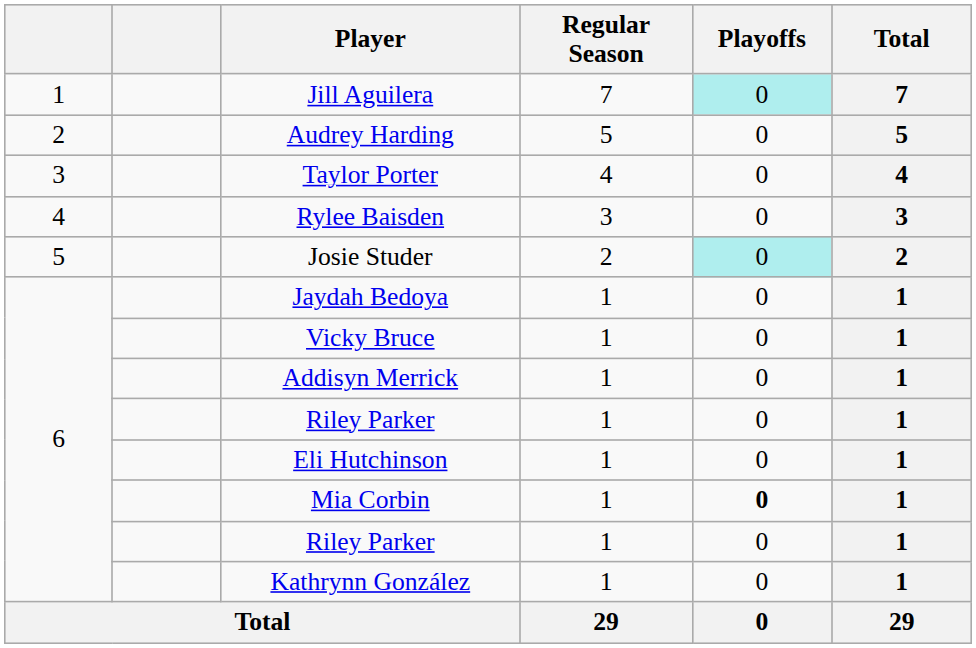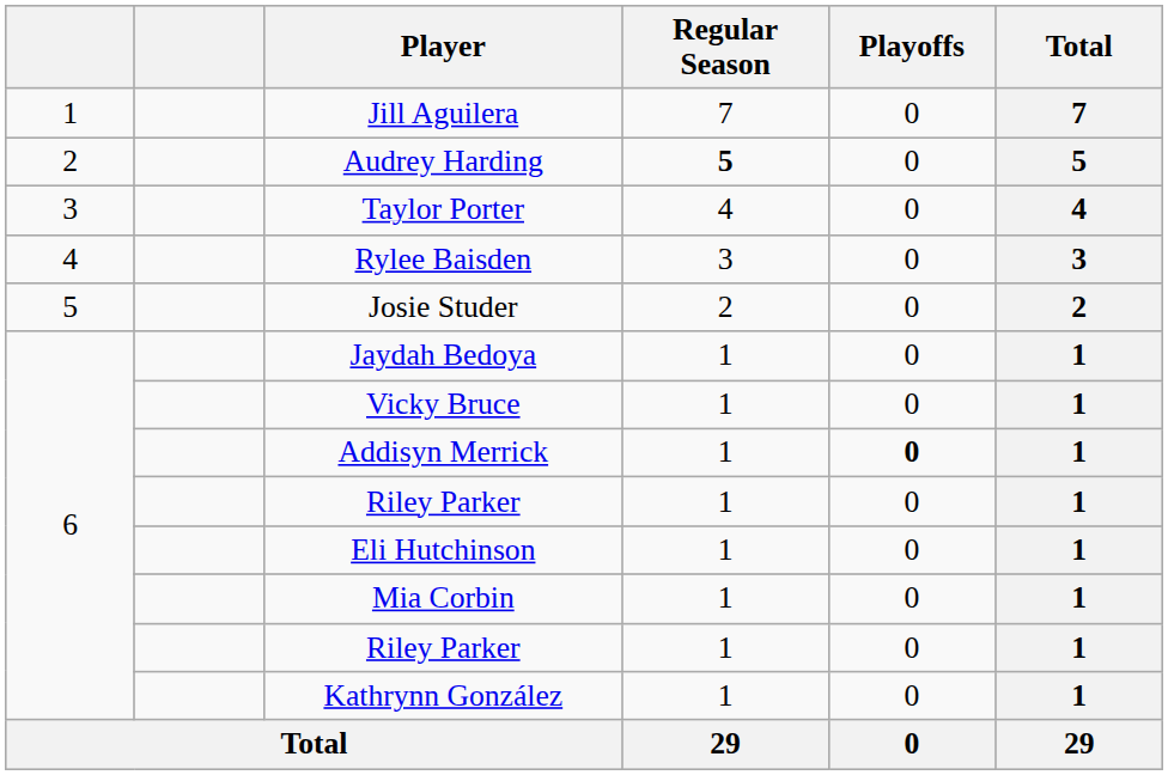 <table class="wikitable sortable" style="text-align:center;">
 <tr>
 <th width="60"></th>
 <th width="60"></th>
 <th width="180">Player</th>
 <th width="100">Regular Season</th>
 <th width="80">Playoffs</th>
 <th width="80">Total</th>
 </tr>
 <tr>
 <td>1</td>
 <td></td>
 <td><a href='#'>Jill Aguilera</a></td>
 <td>7</td>
-<td style="background: paleturquoise;">0</td>
+<td>0</td>
 <th>7</th>
 </tr>
 <tr>
 <td>2</td>
 <td></td>
 <td><a href='#'>Audrey Harding</a></td>
-<td>5</td>
+<td><strong>5</strong></td>
 <td>0</td>
 <th>5</th>
 </tr>
 <tr>
 <td>3</td>
 <td></td>
 <td><a href='#'>Taylor Porter</a></td>
 <td>4</td>
 <td>0</td>
 <th>4</th>
 </tr>
 <tr>
 <td>4</td>
 <td></td>
 <td><a href='#'>Rylee Baisden</a></td>
 <td>3</td>
 <td>0</td>
 <th>3</th>
 </tr>
 <tr>
 <td>5</td>
 <td></td>
 <td>Josie Studer</td>
 <td>2</td>
-<td style="background: paleturquoise;">0</td>
+<td>0</td>
 <th>2</th>
 </tr>
 <tr>
 <td rowspan="8">6</td>
 <td></td>
 <td><a href='#'>Jaydah Bedoya</a></td>
 <td>1</td>
 <td>0</td>
 <th>1</th>
 </tr>
 <tr>
 <td></td>
 <td><a href='#'>Vicky Bruce</a></td>
 <td>1</td>
 <td>0</td>
 <th>1</th>
 </tr>
 <tr>
 <td></td>
 <td><a href='#'>Addisyn Merrick</a></td>
 <td>1</td>
-<td>0</td>
+<td><strong>0</strong></td>
 <th>1</th>
 </tr>
 <tr>
 <td></td>
 <td><a href='#'>Riley Parker</a></td>
 <td>1</td>
 <td>0</td>
 <th>1</th>
 </tr>
 <tr>
 <td></td>
 <td><a href='#'>Eli Hutchinson</a></td>
 <td>1</td>
 <td>0</td>
 <th>1</th>
 </tr>
 <tr>
 <td></td>
 <td><a href='#'>Mia Corbin</a></td>
 <td>1</td>
-<td><strong>0</strong></td>
+<td>0</td>
 <th>1</th>
 </tr>
 <tr>
 <td></td>
 <td><a href='#'>Riley Parker</a></td>
 <td>1</td>
 <td>0</td>
 <th>1</th>
 </tr>
 <tr>
 <td></td>
 <td><a href='#'>Kathrynn González</a></td>
 <td>1</td>
 <td>0</td>
 <th>1</th>
 </tr>
 <tr>
 <th colspan="3">Total</th>
 <th>29</th>
 <th>0</th>
 <th>29</th>
 </tr>
 </table>
